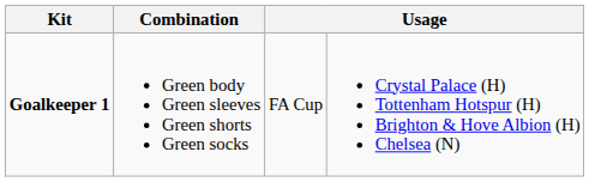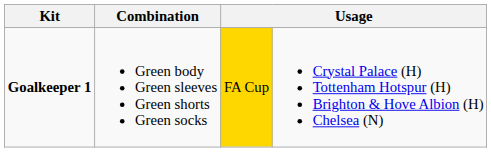 <table class="wikitable">
 <tr>
 <th>Kit</th>
 <th>Combination</th>
 <th colspan="2">Usage</th>
 </tr>
 <tr>
 <td><strong>Goalkeeper 1</strong></td>
 <td><br><ul><li>Green body</li><li>Green sleeves</li><li>Green shorts</li><li>Green socks</li></ul></td>
-<td>FA Cup</td>
+<td style="background: gold;">FA Cup</td>
 <td><br><ul><li><a href='#'>Crystal Palace</a> (H)</li><li><a href='#'>Tottenham Hotspur</a> (H)</li><li><a href='#'>Brighton & Hove Albion</a> (H)</li><li><a href='#'>Chelsea</a> (N)</li></ul></td>
 </tr>
 </table>
